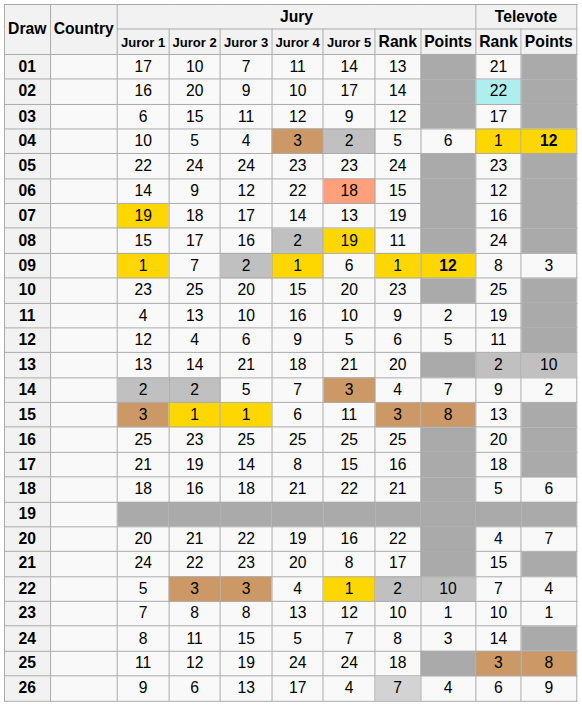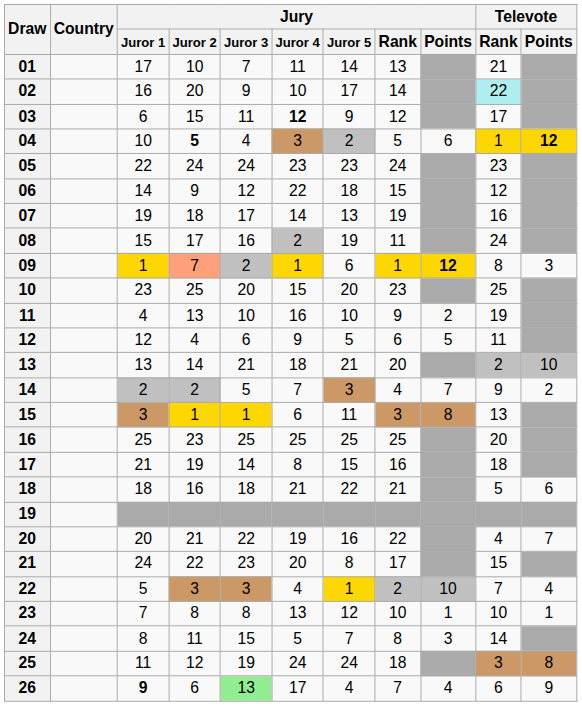 <table class="sortable wikitable collapsible plainrowheaders" style="text-align:center;">
 <tr>
 </tr>
 <tr>
 <th scope="col" rowspan="2">Draw</th>
 <th scope="col" rowspan="2">Country</th>
 <th scope="col" colspan="7">Jury</th>
 <th scope="col" colspan="2">Televote</th>
 </tr>
 <tr>
 <th scope="col"><small>Juror 1</small></th>
 <th scope="col"><small>Juror 2</small></th>
 <th scope="col"><small>Juror 3</small></th>
 <th scope="col"><small>Juror 4</small></th>
 <th scope="col"><small>Juror 5</small></th>
 <th scope="col">Rank</th>
 <th scope="col">Points</th>
 <th scope="col">Rank</th>
 <th scope="col">Points</th>
 </tr>
 <tr>
 <th scope="row" style="text-align:center;">01</th>
 <td style="text-align:left;"></td>
 <td>17</td>
 <td>10</td>
 <td>7</td>
 <td>11</td>
 <td>14</td>
 <td>13</td>
 <td style="background:#AAAAAA;"></td>
 <td>21</td>
 <td style="background:#AAAAAA;"></td>
 </tr>
 <tr>
 <th scope="row" style="text-align:center;">02</th>
 <td style="text-align:left;"></td>
 <td>16</td>
 <td>20</td>
 <td>9</td>
 <td>10</td>
 <td>17</td>
 <td>14</td>
 <td style="background:#AAAAAA;"></td>
 <td style="background: paleturquoise;">22</td>
 <td style="background:#AAAAAA;"></td>
 </tr>
 <tr>
 <th scope="row" style="text-align:center;">03</th>
 <td style="text-align:left;"></td>
 <td>6</td>
 <td>15</td>
 <td>11</td>
-<td>12</td>
+<td><strong>12</strong></td>
 <td>9</td>
 <td>12</td>
 <td style="background:#AAAAAA;"></td>
 <td>17</td>
 <td style="background:#AAAAAA;"></td>
 </tr>
 <tr>
 <th scope="row" style="text-align:center;">04</th>
 <td style="text-align:left;"></td>
 <td>10</td>
-<td>5</td>
+<td><strong>5</strong></td>
 <td>4</td>
 <td style="background:#CC9966;">3</td>
 <td style="background:silver;">2</td>
 <td>5</td>
 <td>6</td>
 <td style="background:gold;">1</td>
 <td style="background:gold;"><strong>12</strong></td>
 </tr>
 <tr>
 <th scope="row" style="text-align:center;">05</th>
 <td style="text-align:left;"></td>
 <td>22</td>
 <td>24</td>
 <td>24</td>
 <td>23</td>
 <td>23</td>
 <td>24</td>
 <td style="background:#AAAAAA;"></td>
 <td>23</td>
 <td style="background:#AAAAAA;"></td>
 </tr>
 <tr>
 <th scope="row" style="text-align:center;">06</th>
 <td style="text-align:left;"></td>
 <td>14</td>
 <td>9</td>
 <td>12</td>
 <td>22</td>
-<td style="background: lightsalmon;">18</td>
+<td>18</td>
 <td>15</td>
 <td style="background:#AAAAAA;"></td>
 <td>12</td>
 <td style="background:#AAAAAA;"></td>
 </tr>
 <tr>
 <th scope="row" style="text-align:center;">07</th>
 <td style="text-align:left;"></td>
-<td style="background: gold;">19</td>
+<td>19</td>
 <td>18</td>
 <td>17</td>
 <td>14</td>
 <td>13</td>
 <td>19</td>
 <td style="background:#AAAAAA;"></td>
 <td>16</td>
 <td style="background:#AAAAAA;"></td>
 </tr>
 <tr>
 <th scope="row" style="text-align:center;">08</th>
 <td style="text-align:left;"></td>
 <td>15</td>
 <td>17</td>
 <td>16</td>
 <td style="background:silver;">2</td>
-<td style="background: gold;">19</td>
+<td>19</td>
 <td>11</td>
 <td style="background:#AAAAAA;"></td>
 <td>24</td>
 <td style="background:#AAAAAA;"></td>
 </tr>
 <tr>
 <th scope="row" style="text-align:center;">09</th>
 <td style="text-align:left;"></td>
 <td style="background:gold;">1</td>
-<td>7</td>
+<td style="background: lightsalmon;">7</td>
 <td style="background:silver;">2</td>
 <td style="background:gold;">1</td>
 <td>6</td>
 <td style="background:gold;">1</td>
 <td style="background:gold;"><strong>12</strong></td>
 <td>8</td>
 <td>3</td>
 </tr>
 <tr>
 <th scope="row" style="text-align:center;">10</th>
 <td style="text-align:left;"></td>
 <td>23</td>
 <td>25</td>
 <td>20</td>
 <td>15</td>
 <td>20</td>
 <td>23</td>
 <td style="background:#AAAAAA;"></td>
 <td>25</td>
 <td style="background:#AAAAAA;"></td>
 </tr>
 <tr>
 <th scope="row" style="text-align:center;">11</th>
 <td style="text-align:left;"></td>
 <td>4</td>
 <td>13</td>
 <td>10</td>
 <td>16</td>
 <td>10</td>
 <td>9</td>
 <td>2</td>
 <td>19</td>
 <td style="background:#AAAAAA;"></td>
 </tr>
 <tr>
 <th scope="row" style="text-align:center;">12</th>
 <td style="text-align:left;"></td>
 <td>12</td>
 <td>4</td>
 <td>6</td>
 <td>9</td>
 <td>5</td>
 <td>6</td>
 <td>5</td>
 <td>11</td>
 <td style="background:#AAAAAA;"></td>
 </tr>
 <tr>
 <th scope="row" style="text-align:center;">13</th>
 <td style="text-align:left;"></td>
 <td>13</td>
 <td>14</td>
 <td>21</td>
 <td>18</td>
 <td>21</td>
 <td>20</td>
 <td style="background:#AAAAAA;"></td>
 <td style="background:silver;">2</td>
 <td style="background:silver;">10</td>
 </tr>
 <tr>
 <th scope="row" style="text-align:center;">14</th>
 <td style="text-align:left;"></td>
 <td style="background:silver;">2</td>
 <td style="background:silver;">2</td>
 <td>5</td>
 <td>7</td>
 <td style="background:#CC9966;">3</td>
 <td>4</td>
 <td>7</td>
 <td>9</td>
 <td>2</td>
 </tr>
 <tr>
 <th scope="row" style="text-align:center;">15</th>
 <td style="text-align:left;"></td>
 <td style="background:#CC9966;">3</td>
 <td style="background:gold;">1</td>
 <td style="background:gold;">1</td>
 <td>6</td>
 <td>11</td>
 <td style="background:#CC9966;">3</td>
 <td style="background:#CC9966;">8</td>
 <td>13</td>
 <td style="background:#AAAAAA;"></td>
 </tr>
 <tr>
 <th scope="row" style="text-align:center;">16</th>
 <td style="text-align:left;"></td>
 <td>25</td>
 <td>23</td>
 <td>25</td>
 <td>25</td>
 <td>25</td>
 <td>25</td>
 <td style="background:#AAAAAA;"></td>
 <td>20</td>
 <td style="background:#AAAAAA;"></td>
 </tr>
 <tr>
 <th scope="row" style="text-align:center;">17</th>
 <td style="text-align:left;"></td>
 <td>21</td>
 <td>19</td>
 <td>14</td>
 <td>8</td>
 <td>15</td>
 <td>16</td>
 <td style="background:#AAAAAA;"></td>
 <td>18</td>
 <td style="background:#AAAAAA;"></td>
 </tr>
 <tr>
 <th scope="row" style="text-align:center;">18</th>
 <td style="text-align:left;"></td>
 <td>18</td>
 <td>16</td>
 <td>18</td>
 <td>21</td>
 <td>22</td>
 <td>21</td>
 <td style="background:#AAAAAA;"></td>
 <td>5</td>
 <td>6</td>
 </tr>
 <tr class=sortbottom>
 <th scope="row" style="text-align:center;">19</th>
 <td style="text-align:left;"><strong></strong></td>
 <td style="background:#AAAAAA;"></td>
 <td style="background:#AAAAAA;"></td>
 <td style="background:#AAAAAA;"></td>
 <td style="background:#AAAAAA;"></td>
 <td style="background:#AAAAAA;"></td>
 <td style="background:#AAAAAA;"></td>
 <td style="background:#AAAAAA;"></td>
 <td style="background:#AAAAAA;"></td>
 <td style="background:#AAAAAA;"></td>
 </tr>
 <tr>
 <th scope="row" style="text-align:center;">20</th>
 <td style="text-align:left;"></td>
 <td>20</td>
 <td>21</td>
 <td>22</td>
 <td>19</td>
 <td>16</td>
 <td>22</td>
 <td style="background:#AAAAAA;"></td>
 <td>4</td>
 <td>7</td>
 </tr>
 <tr>
 <th scope="row" style="text-align:center;">21</th>
 <td style="text-align:left;"></td>
 <td>24</td>
 <td>22</td>
 <td>23</td>
 <td>20</td>
 <td>8</td>
 <td>17</td>
 <td style="background:#AAAAAA;"></td>
 <td>15</td>
 <td style="background:#AAAAAA;"></td>
 </tr>
 <tr>
 <th scope="row" style="text-align:center;">22</th>
 <td style="text-align:left;"></td>
 <td>5</td>
 <td style="background:#CC9966;">3</td>
 <td style="background:#CC9966;">3</td>
 <td>4</td>
 <td style="background:gold;">1</td>
 <td style="background:silver;">2</td>
 <td style="background:silver;">10</td>
 <td>7</td>
 <td>4</td>
 </tr>
 <tr>
 <th scope="row" style="text-align:center;">23</th>
 <td style="text-align:left;"></td>
 <td>7</td>
 <td>8</td>
 <td>8</td>
 <td>13</td>
 <td>12</td>
 <td>10</td>
 <td>1</td>
 <td>10</td>
 <td>1</td>
 </tr>
 <tr>
 <th scope="row" style="text-align:center;">24</th>
 <td style="text-align:left;"></td>
 <td>8</td>
 <td>11</td>
 <td>15</td>
 <td>5</td>
 <td>7</td>
 <td>8</td>
 <td>3</td>
 <td>14</td>
 <td style="background:#AAAAAA;"></td>
 </tr>
 <tr>
 <th scope="row" style="text-align:center;">25</th>
 <td style="text-align:left;"></td>
 <td>11</td>
 <td>12</td>
 <td>19</td>
 <td>24</td>
 <td>24</td>
 <td>18</td>
 <td style="background:#AAAAAA;"></td>
 <td style="background:#CC9966;">3</td>
 <td style="background:#CC9966;">8</td>
 </tr>
 <tr>
 <th scope="row" style="text-align:center;">26</th>
 <td style="text-align:left;"></td>
-<td>9</td>
+<td><strong>9</strong></td>
 <td>6</td>
-<td>13</td>
+<td style="background: lightgreen;">13</td>
 <td>17</td>
 <td>4</td>
-<td style="background: lightgrey;">7</td>
+<td>7</td>
 <td>4</td>
 <td>6</td>
 <td>9</td>
 </tr>
 </table>
